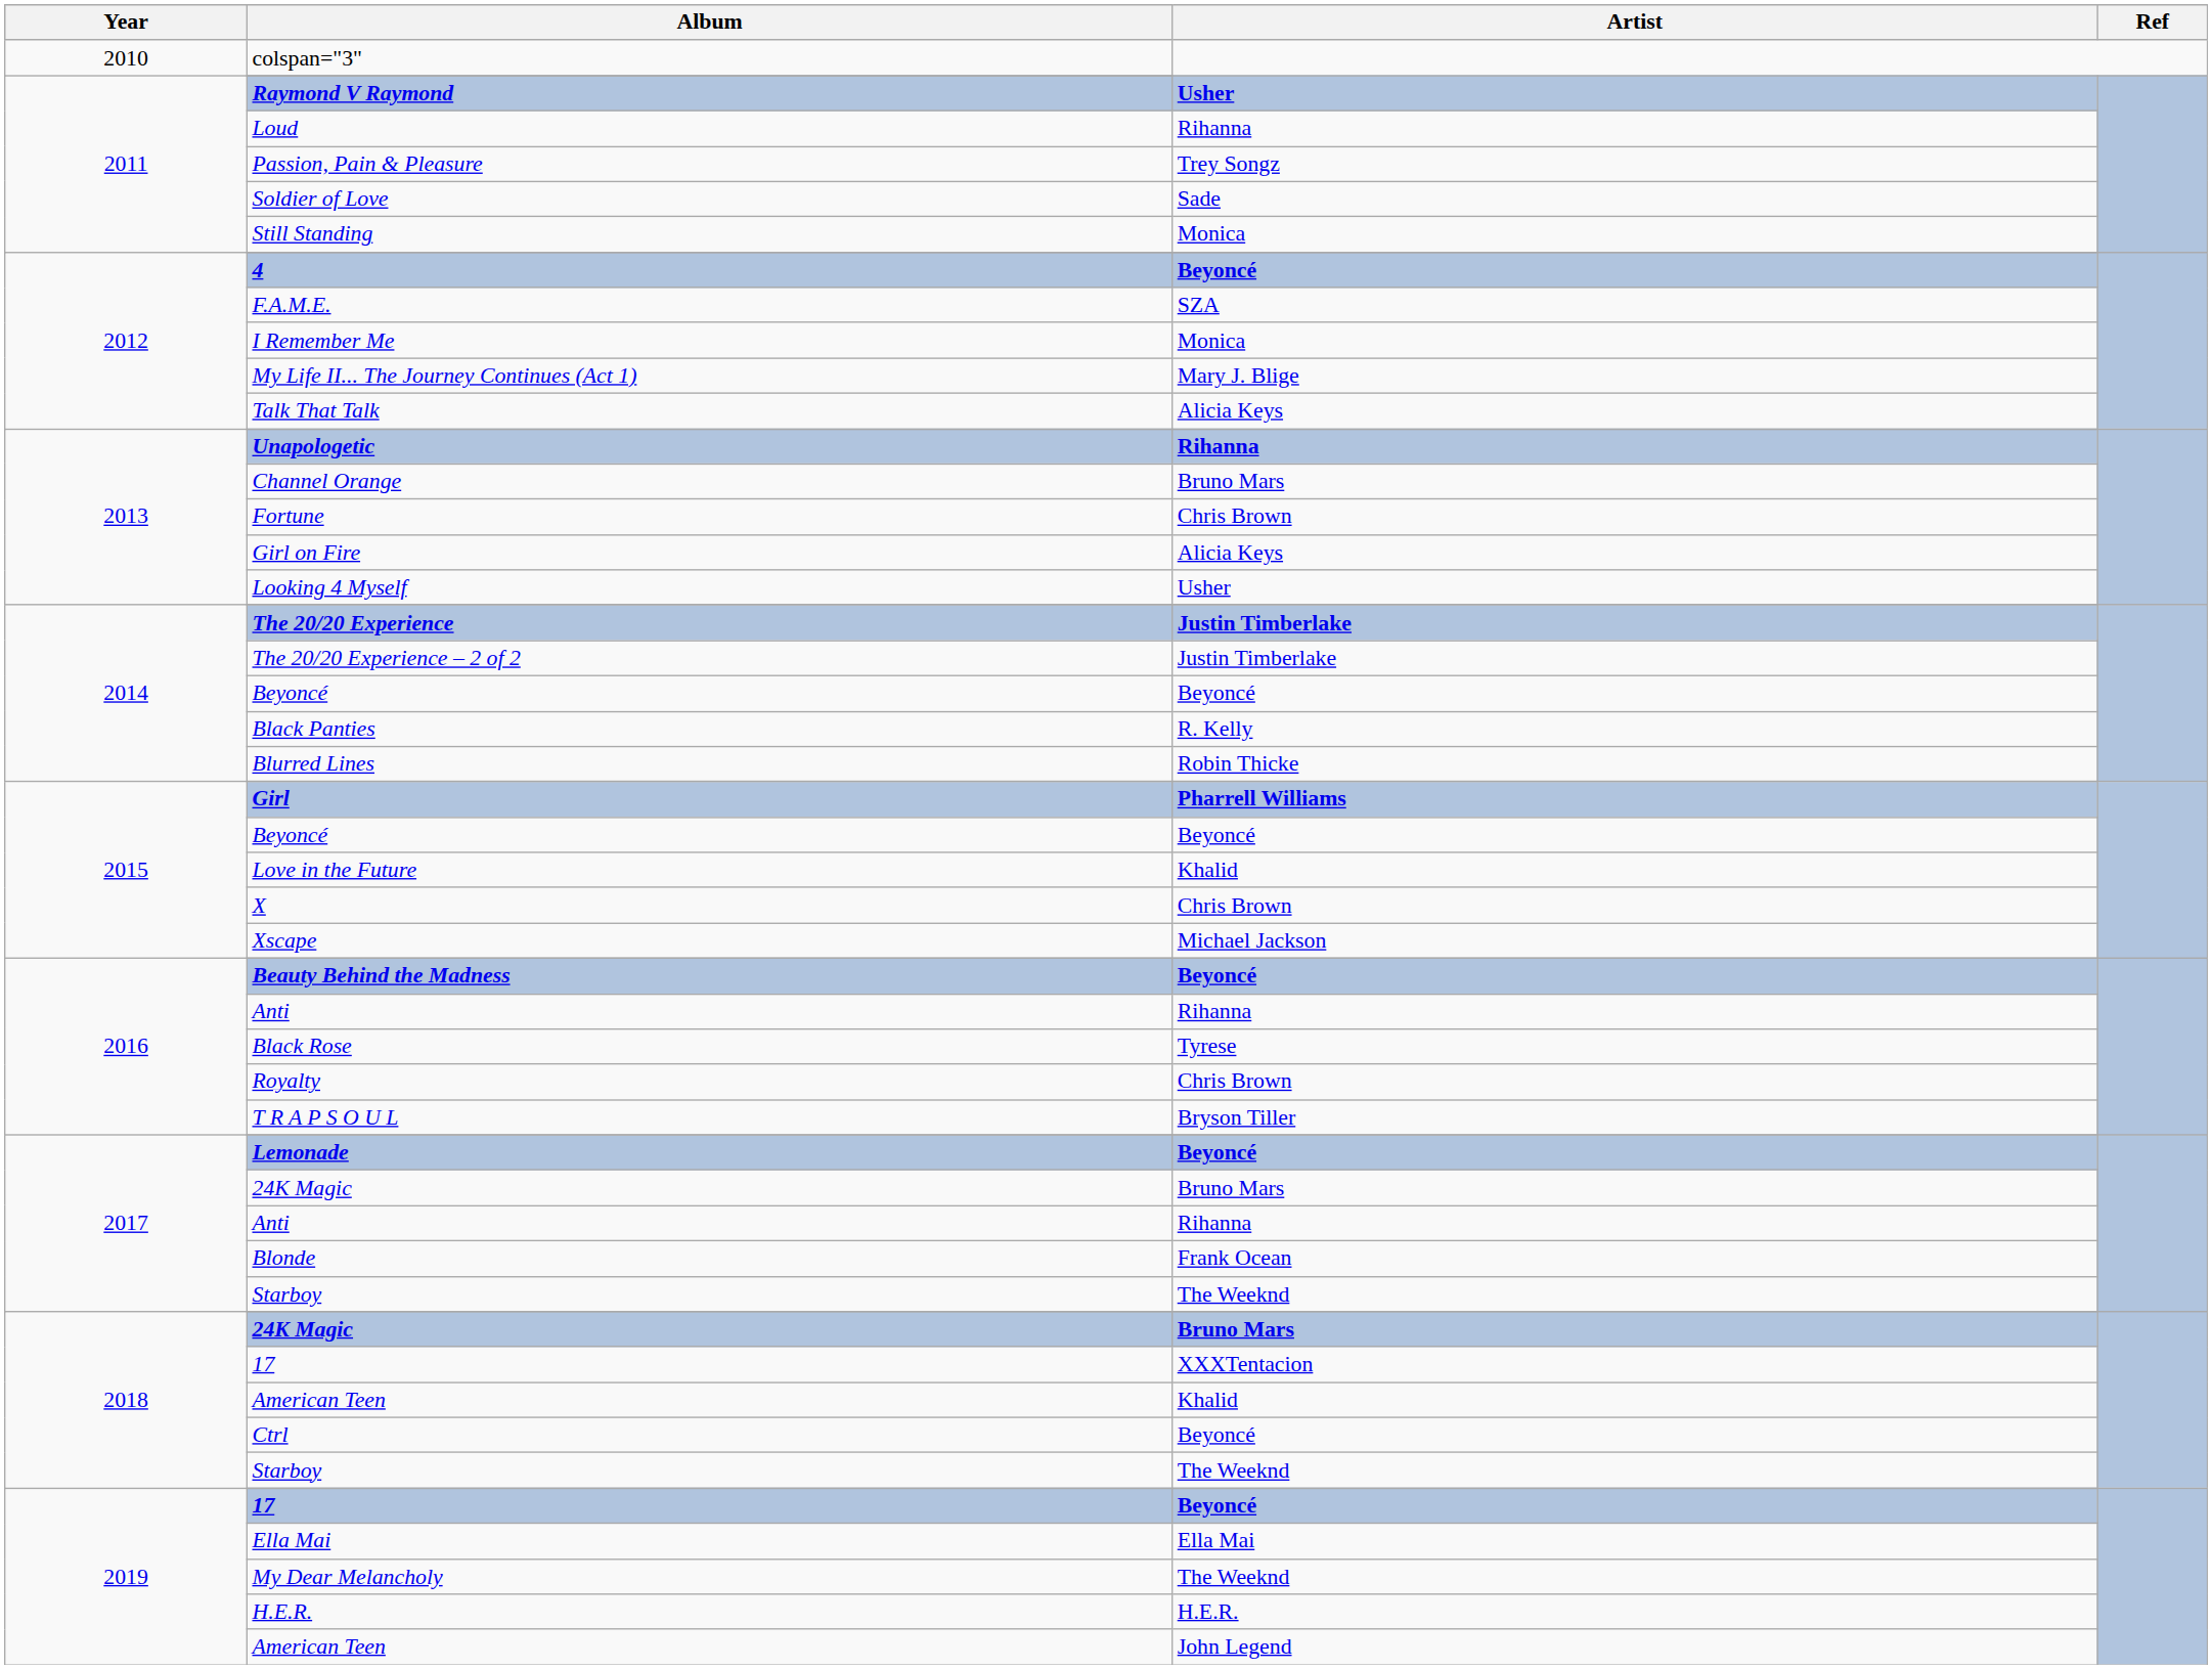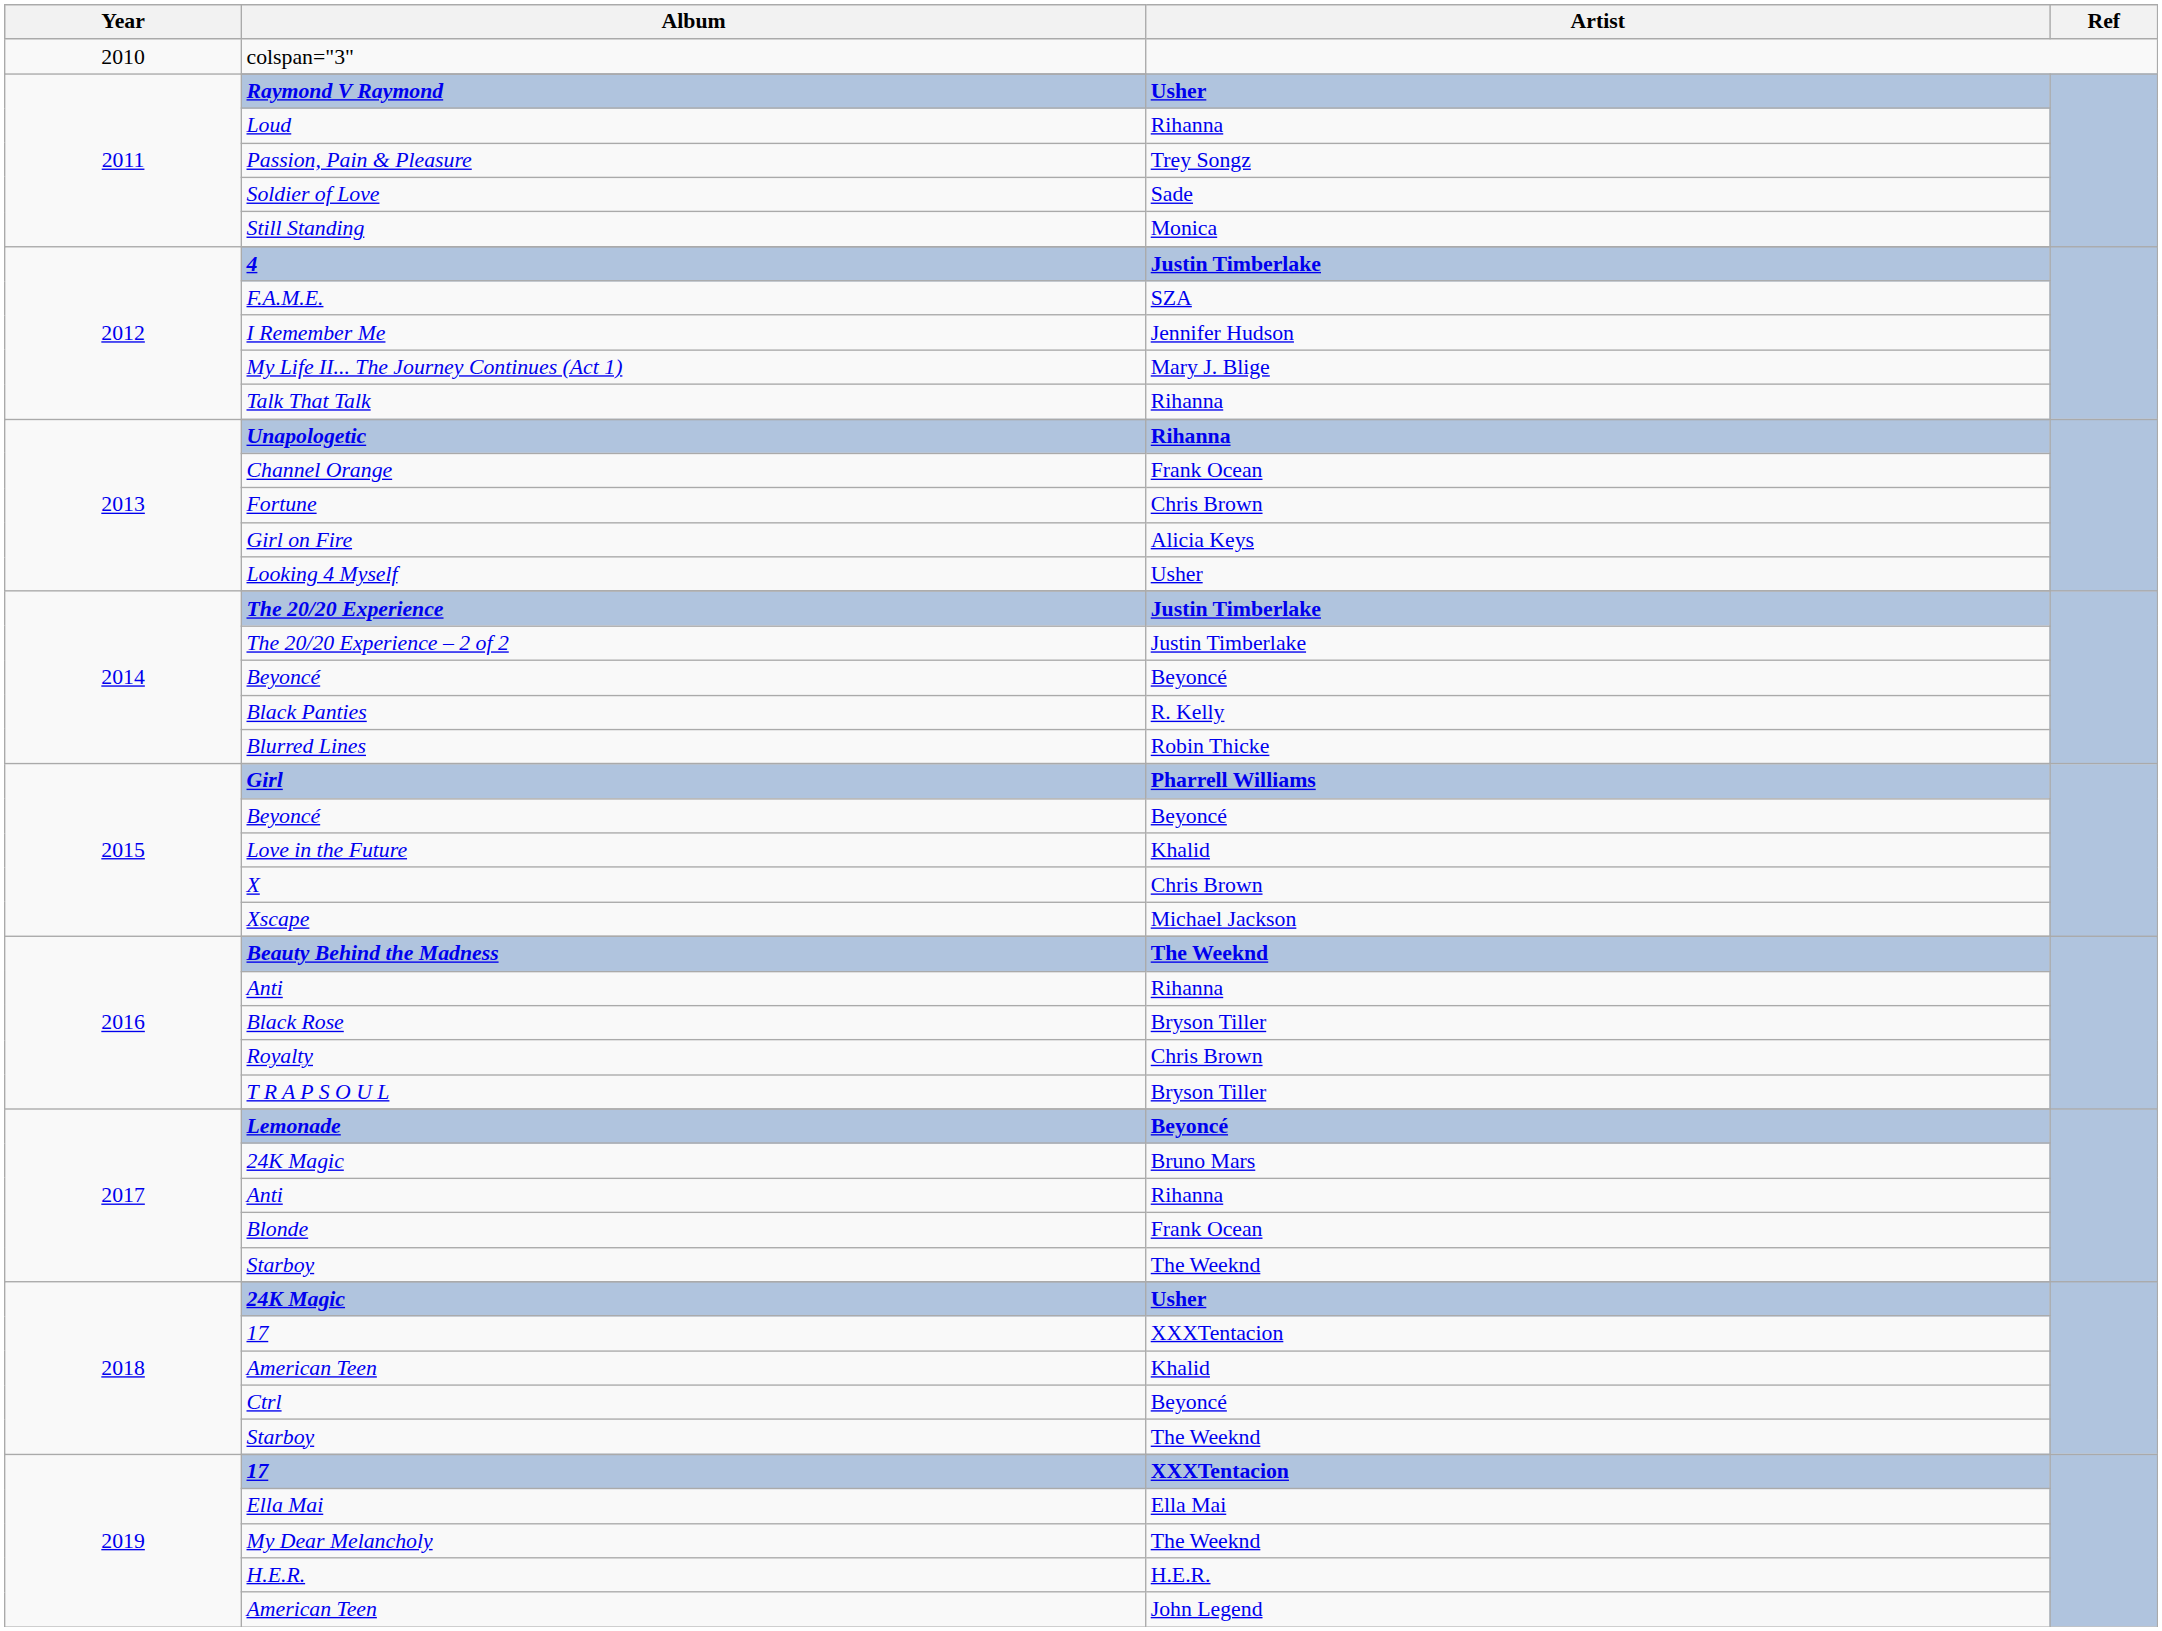 <table class="wikitable" style="width:100%;">
 <tr style="background:#bebebe;">
 <th style="width:11%;">Year</th>
 <th style="width:42%;">Album</th>
 <th style="width:42%;">Artist</th>
 <th style="width:5%;">Ref</th>
 </tr>
 <tr>
 <td align="center">2010</td>
 <td>colspan="3" </td>
 </tr>
 <tr>
 <td rowspan="6" align="center"><a href='#'>2011</a></td>
 </tr>
 <tr style="background:#B0C4DE">
 <td><strong><em><a href='#'>Raymond V Raymond</a></em></strong></td>
 <td><strong><a href='#'>Usher</a></strong></td>
 <td rowspan="6" align="center"></td>
 </tr>
 <tr>
 <td><em><a href='#'>Loud</a></em></td>
 <td><a href='#'>Rihanna</a></td>
 </tr>
 <tr>
 <td><em><a href='#'>Passion, Pain & Pleasure</a></em></td>
 <td><a href='#'>Trey Songz</a></td>
 </tr>
 <tr>
 <td><em><a href='#'>Soldier of Love</a></em></td>
 <td><a href='#'>Sade</a></td>
 </tr>
 <tr>
 <td><em><a href='#'>Still Standing</a></em></td>
 <td><a href='#'>Monica</a></td>
 </tr>
 <tr>
 <td rowspan="6" align="center"><a href='#'>2012</a></td>
 </tr>
 <tr style="background:#B0C4DE">
 <td><strong><em><a href='#'>4</a></em></strong></td>
-<td><strong><a href='#'>Beyoncé</a></strong></td>
+<td><strong><a href='#'>Justin Timberlake</a></strong></td>
 <td rowspan="6" align="center"></td>
 </tr>
 <tr>
 <td><em><a href='#'>F.A.M.E.</a></em></td>
 <td><a href='#'>SZA</a></td>
 </tr>
 <tr>
 <td><em><a href='#'>I Remember Me</a></em></td>
-<td><a href='#'>Monica</a></td>
+<td><a href='#'>Jennifer Hudson</a></td>
 </tr>
 <tr>
 <td><em><a href='#'>My Life II... The Journey Continues (Act 1)</a></em></td>
 <td><a href='#'>Mary J. Blige</a></td>
 </tr>
 <tr>
 <td><em><a href='#'>Talk That Talk</a></em></td>
-<td><a href='#'>Alicia Keys</a></td>
+<td><a href='#'>Rihanna</a></td>
 </tr>
 <tr>
 <td rowspan="6" align="center"><a href='#'>2013</a></td>
 </tr>
 <tr style="background:#B0C4DE">
 <td><strong><em><a href='#'>Unapologetic</a></em></strong></td>
 <td><strong><a href='#'>Rihanna</a></strong></td>
 <td rowspan="6" align="center"></td>
 </tr>
 <tr>
 <td><em><a href='#'>Channel Orange</a></em></td>
-<td><a href='#'>Bruno Mars</a></td>
+<td><a href='#'>Frank Ocean</a></td>
 </tr>
 <tr>
 <td><em><a href='#'>Fortune</a></em></td>
 <td><a href='#'>Chris Brown</a></td>
 </tr>
 <tr>
 <td><em><a href='#'>Girl on Fire</a></em></td>
 <td><a href='#'>Alicia Keys</a></td>
 </tr>
 <tr>
 <td><em><a href='#'>Looking 4 Myself</a></em></td>
 <td><a href='#'>Usher</a></td>
 </tr>
 <tr>
 <td rowspan="6" align="center"><a href='#'>2014</a></td>
 </tr>
 <tr style="background:#B0C4DE">
 <td><strong><em><a href='#'>The 20/20 Experience</a></em></strong></td>
 <td><strong><a href='#'>Justin Timberlake</a></strong></td>
 <td rowspan="6" align="center"></td>
 </tr>
 <tr>
 <td><em><a href='#'>The 20/20 Experience – 2 of 2</a></em></td>
 <td><a href='#'>Justin Timberlake</a></td>
 </tr>
 <tr>
 <td><em><a href='#'>Beyoncé</a></em></td>
 <td><a href='#'>Beyoncé</a></td>
 </tr>
 <tr>
 <td><em><a href='#'>Black Panties</a></em></td>
 <td><a href='#'>R. Kelly</a></td>
 </tr>
 <tr>
 <td><em><a href='#'>Blurred Lines</a></em></td>
 <td><a href='#'>Robin Thicke</a></td>
 </tr>
 <tr>
 <td rowspan="6" align="center"><a href='#'>2015</a></td>
 </tr>
 <tr style="background:#B0C4DE">
 <td><strong><em><a href='#'>Girl</a></em></strong></td>
 <td><strong><a href='#'>Pharrell Williams</a></strong></td>
 <td rowspan="6" align="center"></td>
 </tr>
 <tr>
 <td><em><a href='#'>Beyoncé</a></em></td>
 <td><a href='#'>Beyoncé</a></td>
 </tr>
 <tr>
 <td><em><a href='#'>Love in the Future</a></em></td>
 <td><a href='#'>Khalid</a></td>
 </tr>
 <tr>
 <td><em><a href='#'>X</a></em></td>
 <td><a href='#'>Chris Brown</a></td>
 </tr>
 <tr>
 <td><em><a href='#'>Xscape</a></em></td>
 <td><a href='#'>Michael Jackson</a></td>
 </tr>
 <tr>
 <td rowspan="6" align="center"><a href='#'>2016</a></td>
 </tr>
 <tr style="background:#B0C4DE">
 <td><strong><em><a href='#'>Beauty Behind the Madness</a></em></strong></td>
-<td><strong><a href='#'>Beyoncé</a></strong></td>
+<td><strong><a href='#'>The Weeknd</a></strong></td>
 <td rowspan="6" align="center"></td>
 </tr>
 <tr>
 <td><em><a href='#'>Anti</a></em></td>
 <td><a href='#'>Rihanna</a></td>
 </tr>
 <tr>
 <td><em><a href='#'>Black Rose</a></em></td>
-<td><a href='#'>Tyrese</a></td>
+<td><a href='#'>Bryson Tiller</a></td>
 </tr>
 <tr>
 <td><em><a href='#'>Royalty</a></em></td>
 <td><a href='#'>Chris Brown</a></td>
 </tr>
 <tr>
 <td><em><a href='#'>T R A P S O U L</a></em></td>
 <td><a href='#'>Bryson Tiller</a></td>
 </tr>
 <tr>
 <td rowspan="6" align="center"><a href='#'>2017</a></td>
 </tr>
 <tr style="background:#B0C4DE">
 <td><strong><em><a href='#'>Lemonade</a></em></strong></td>
 <td><strong><a href='#'>Beyoncé</a></strong></td>
 <td rowspan="6" align="center"></td>
 </tr>
 <tr>
 <td><em><a href='#'>24K Magic</a></em></td>
 <td><a href='#'>Bruno Mars</a></td>
 </tr>
 <tr>
 <td><em><a href='#'>Anti</a></em></td>
 <td><a href='#'>Rihanna</a></td>
 </tr>
 <tr>
 <td><em><a href='#'>Blonde</a></em></td>
 <td><a href='#'>Frank Ocean</a></td>
 </tr>
 <tr>
 <td><em><a href='#'>Starboy</a></em></td>
 <td><a href='#'>The Weeknd</a></td>
 </tr>
 <tr>
 <td rowspan="6" align="center"><a href='#'>2018</a></td>
 </tr>
 <tr style="background:#B0C4DE">
 <td><strong><em><a href='#'>24K Magic</a></em></strong></td>
-<td><strong><a href='#'>Bruno Mars</a></strong></td>
+<td><strong><a href='#'>Usher</a></strong></td>
 <td rowspan="6" align="center"></td>
 </tr>
 <tr>
 <td><em><a href='#'>17</a></em></td>
 <td><a href='#'>XXXTentacion</a></td>
 </tr>
 <tr>
 <td><em><a href='#'>American Teen</a></em></td>
 <td><a href='#'>Khalid</a></td>
 </tr>
 <tr>
 <td><em><a href='#'>Ctrl</a></em></td>
 <td><a href='#'>Beyoncé</a></td>
 </tr>
 <tr>
 <td><em><a href='#'>Starboy</a></em></td>
 <td><a href='#'>The Weeknd</a></td>
 </tr>
 <tr>
 <td rowspan="6" align="center"><a href='#'>2019</a></td>
 </tr>
 <tr style="background:#B0C4DE">
 <td><strong><em><a href='#'>17</a></em></strong></td>
-<td><strong><a href='#'>Beyoncé</a></strong></td>
+<td><strong><a href='#'>XXXTentacion</a></strong></td>
 <td rowspan="6" align="center"></td>
 </tr>
 <tr>
 <td><em><a href='#'>Ella Mai</a></em></td>
 <td><a href='#'>Ella Mai</a></td>
 </tr>
 <tr>
 <td><em><a href='#'>My Dear Melancholy</a></em></td>
 <td><a href='#'>The Weeknd</a></td>
 </tr>
 <tr>
 <td><em><a href='#'>H.E.R.</a></em></td>
 <td><a href='#'>H.E.R.</a></td>
 </tr>
 <tr>
 <td><em><a href='#'>American Teen</a></em></td>
 <td><a href='#'>John Legend</a></td>
 </tr>
 </table>
